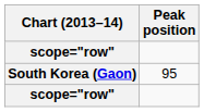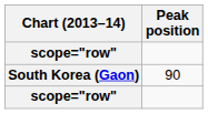 <table class="wikitable plainrowheaders sortable">
 <tr>
 <th scope="col">Chart (2013–14)</th>
 <th scope="col">Peak<br>position</th>
 </tr>
 <tr>
 <th>scope="row" </th>
 </tr>
 <tr>
 <th scope="row">South Korea (<a href='#'>Gaon</a>)</th>
-<td style="text-align:center;">95</td>
+<td style="text-align:center;">90</td>
 </tr>
 <tr>
 <th>scope="row" </th>
 </tr>
 </table>
